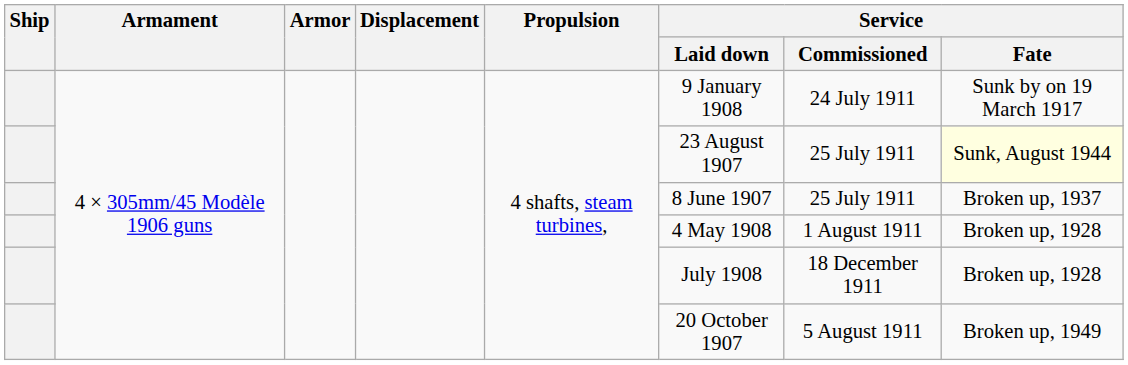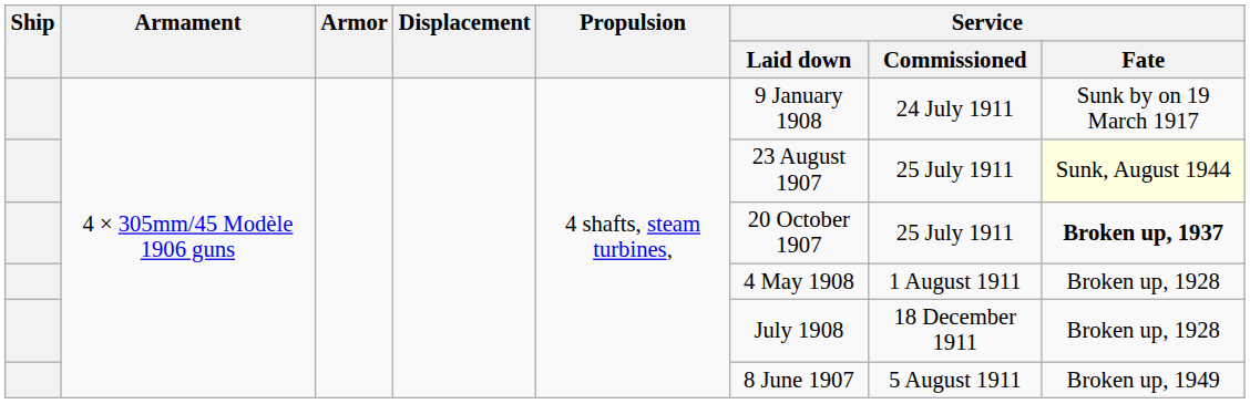 <table class="wikitable plainrowheaders" style="text-align: center;">
 <tr valign="top">
 <th scope="col" rowspan="2">Ship</th>
 <th scope="col" rowspan="2">Armament</th>
 <th scope="col" rowspan="2">Armor</th>
 <th scope="col" rowspan="2">Displacement</th>
 <th scope="col" rowspan="2">Propulsion</th>
 <th scope="col" colspan="3">Service</th>
 </tr>
 <tr valign="top">
 <th scope="col">Laid down</th>
 <th scope="col">Commissioned</th>
 <th scope="col">Fate</th>
 </tr>
 <tr valign="center">
 <th scope="row"></th>
 <td rowspan="6">4 × <a href='#'>305mm/45 Modèle 1906 guns</a></td>
 <td rowspan="6"></td>
 <td rowspan="6"></td>
 <td rowspan="6">4 shafts, <a href='#'>steam turbines</a>, </td>
 <td>9 January 1908</td>
 <td>24 July 1911</td>
 <td>Sunk by  on 19 March 1917</td>
 </tr>
 <tr valign="center">
 <th scope="row"></th>
 <td>23 August 1907</td>
 <td>25 July 1911</td>
 <td style="background: lightyellow;">Sunk, August 1944</td>
 </tr>
 <tr valign="center">
 <th scope="row"></th>
-<td>8 June 1907</td>
+<td>20 October 1907</td>
 <td>25 July 1911</td>
-<td>Broken up, 1937</td>
+<td><strong>Broken up, 1937</strong></td>
 </tr>
 <tr valign="center">
 <th scope="row"></th>
 <td>4 May 1908</td>
 <td>1 August 1911</td>
 <td>Broken up, 1928</td>
 </tr>
 <tr valign="center">
 <th scope="row"></th>
 <td>July 1908</td>
 <td>18 December 1911</td>
 <td>Broken up, 1928</td>
 </tr>
 <tr valign="center">
 <th scope="row"></th>
-<td>20 October 1907</td>
+<td>8 June 1907</td>
 <td>5 August 1911</td>
 <td>Broken up, 1949</td>
 </tr>
 </table>
